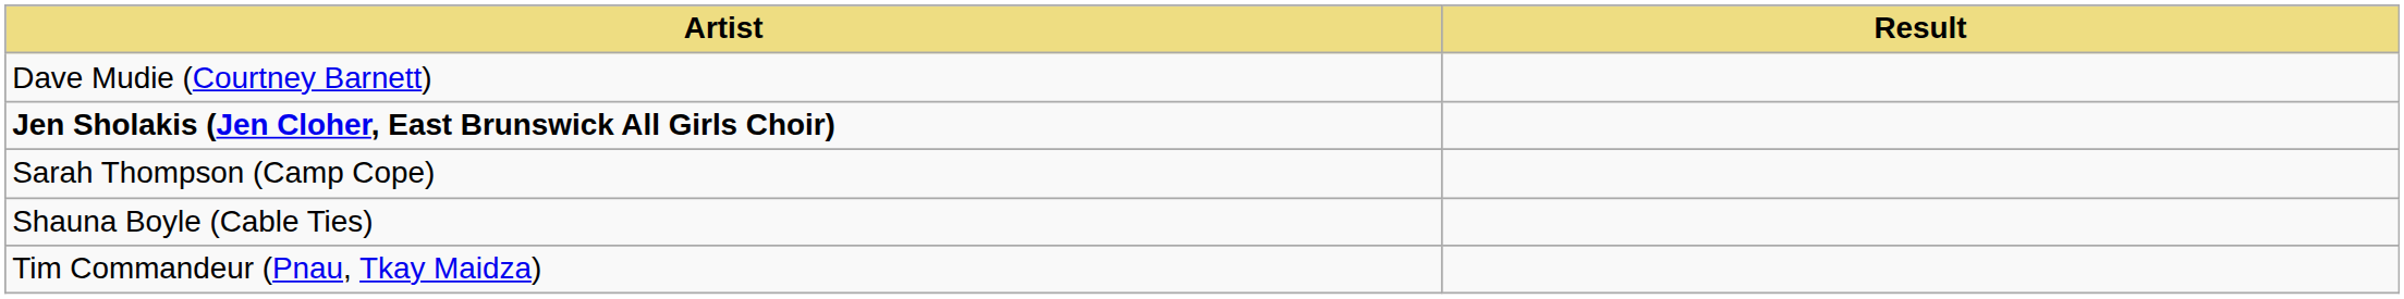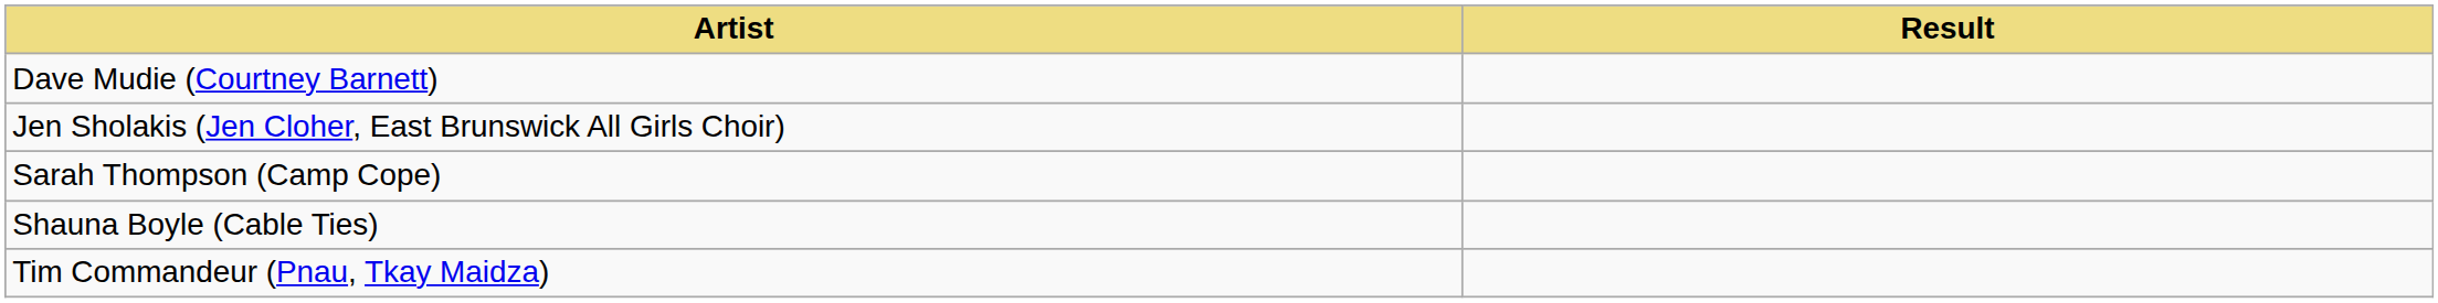 <table class="wikitable" width=100%>
 <tr>
 <th style="width:15%;background:#EEDD82;">Artist</th>
 <th style="width:10%;background:#EEDD82;">Result</th>
 </tr>
 <tr>
 <td>Dave Mudie (<a href='#'>Courtney Barnett</a>)</td>
 <td></td>
 </tr>
 <tr>
-<td><strong>Jen Sholakis (<a href='#'>Jen Cloher</a>, East Brunswick All Girls Choir)</strong></td>
+<td>Jen Sholakis (<a href='#'>Jen Cloher</a>, East Brunswick All Girls Choir)</td>
 <td></td>
 </tr>
 <tr>
 <td>Sarah Thompson (Camp Cope)</td>
 <td></td>
 </tr>
 <tr>
 <td>Shauna Boyle (Cable Ties)</td>
 <td></td>
 </tr>
 <tr>
 <td>Tim Commandeur (<a href='#'>Pnau</a>, <a href='#'>Tkay Maidza</a>)</td>
 <td></td>
 </tr>
 </table>
